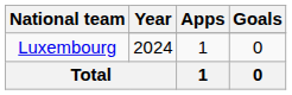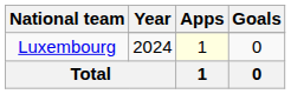 <table class="wikitable" style="text-align:center">
 <tr>
 <th>National team</th>
 <th>Year</th>
 <th>Apps</th>
 <th>Goals</th>
 </tr>
 <tr>
 <td rowspan=2><a href='#'>Luxembourg</a></td>
 </tr>
 <tr>
 <td>2024</td>
-<td>1</td>
+<td style="background: lightyellow;">1</td>
 <td>0</td>
 </tr>
 <tr>
 <th colspan=2>Total</th>
 <th>1</th>
 <th>0</th>
 </tr>
 </table>
